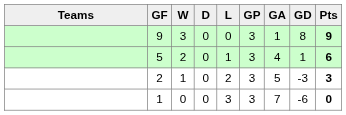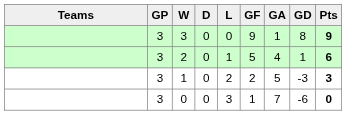 <table style=border-collapse:collapse border=1 cellspacing=0 cellpadding=5>
 <tr align=center bgcolor=#efefef>
 <th width=185>Teams</th>
-<th width=20>GF</th>
+<th width=20>GP</th>
 <th width=20>W</th>
 <th width=20>D</th>
 <th width=20>L</th>
-<th width=20>GP</th>
+<th width=20>GF</th>
 <th width=20>GA</th>
 <th width=20>GD</th>
 <th width=20>Pts</th>
 </tr>
 <tr align=center style="background:#ccffcc;">
 <td style="text-align:left;"></td>
-<td>9</td>
+<td>3</td>
 <td>3</td>
 <td>0</td>
 <td>0</td>
-<td>3</td>
+<td>9</td>
 <td>1</td>
 <td>8</td>
 <td><strong>9</strong></td>
 </tr>
 <tr align=center style="background:#ccffcc;">
 <td style="text-align:left;"></td>
-<td>5</td>
+<td>3</td>
 <td>2</td>
 <td>0</td>
 <td>1</td>
-<td>3</td>
+<td>5</td>
 <td>4</td>
 <td>1</td>
 <td><strong>6</strong></td>
 </tr>
 <tr align=center>
 <td style="text-align:left;"></td>
-<td>2</td>
+<td>3</td>
 <td>1</td>
 <td>0</td>
 <td>2</td>
-<td>3</td>
+<td>2</td>
 <td>5</td>
 <td>-3</td>
 <td><strong>3</strong></td>
 </tr>
 <tr align=center>
 <td style="text-align:left;"></td>
-<td>1</td>
+<td>3</td>
 <td>0</td>
 <td>0</td>
 <td>3</td>
-<td>3</td>
+<td>1</td>
 <td>7</td>
 <td>-6</td>
 <td><strong>0</strong></td>
 </tr>
 </table>
